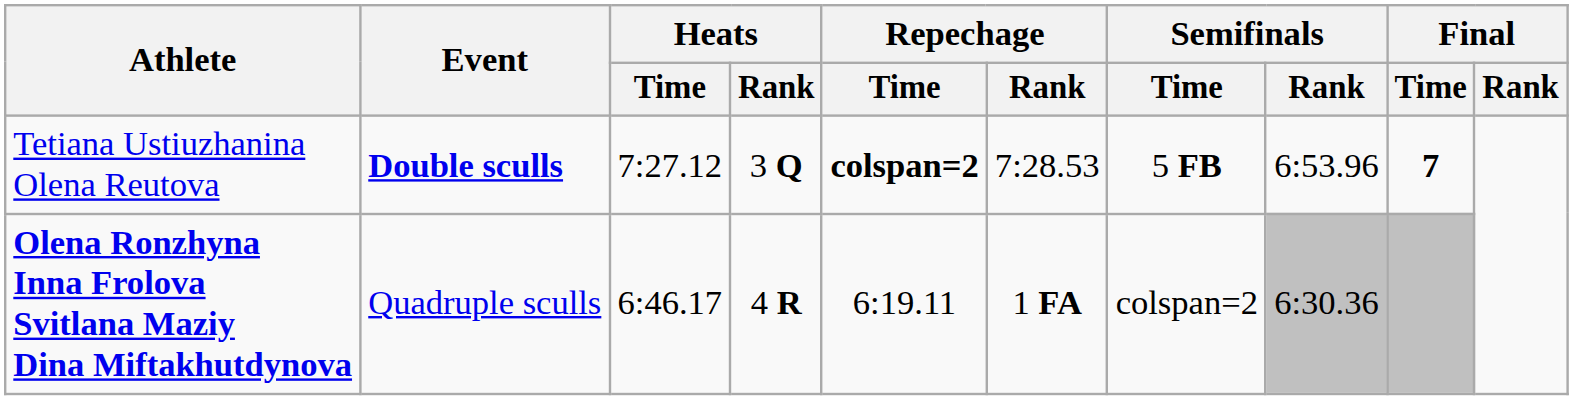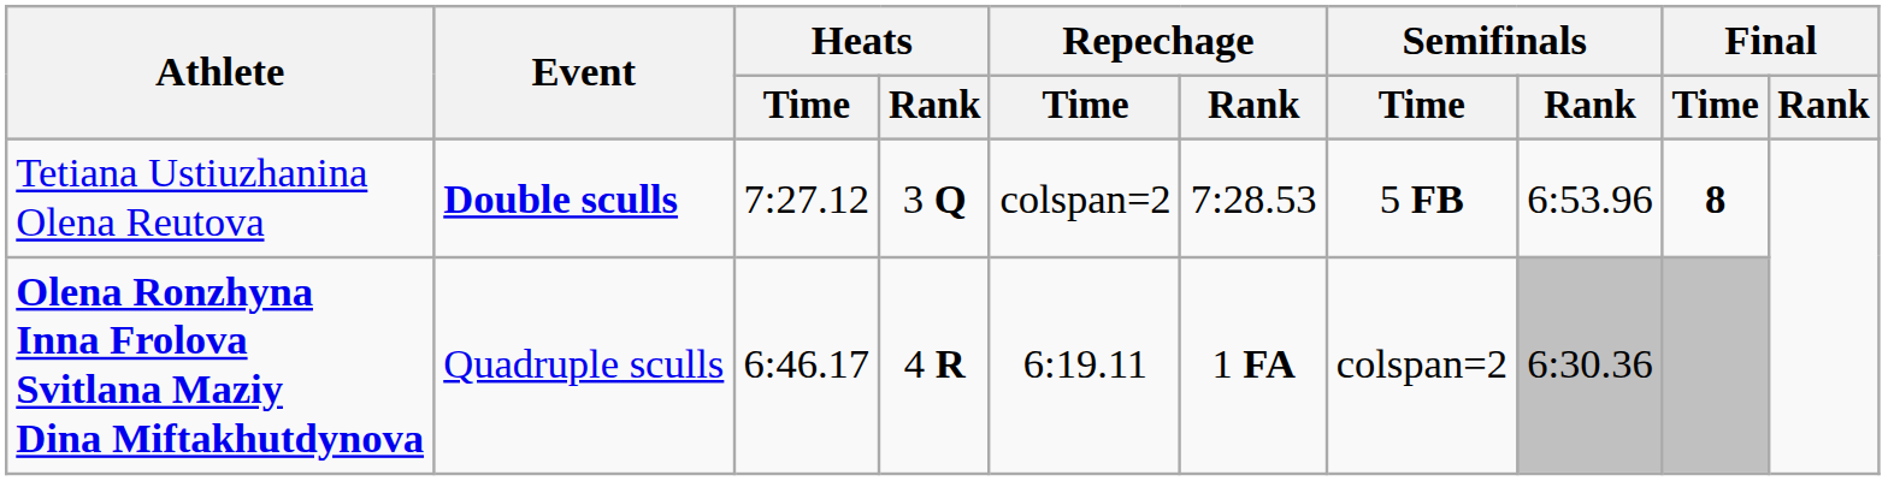 <table class="wikitable" style="font-size:90%">
 <tr>
 <th rowspan="2">Athlete</th>
 <th rowspan="2">Event</th>
 <th colspan="2">Heats</th>
 <th colspan="2">Repechage</th>
 <th colspan="2">Semifinals</th>
 <th colspan="2">Final</th>
 </tr>
 <tr style="font-size:95%">
 <th>Time</th>
 <th>Rank</th>
 <th>Time</th>
 <th>Rank</th>
 <th>Time</th>
 <th>Rank</th>
 <th>Time</th>
 <th>Rank</th>
 </tr>
 <tr align=center>
 <td align=left><a href='#'>Tetiana Ustiuzhanina</a><br><a href='#'>Olena Reutova</a></td>
 <td align=left><strong><a href='#'>Double sculls</a></strong></td>
 <td>7:27.12</td>
 <td>3 <strong>Q</strong></td>
-<td><strong>colspan=2 </strong></td>
+<td>colspan=2 </td>
 <td>7:28.53</td>
 <td>5 <strong>FB</strong></td>
 <td>6:53.96</td>
-<td><strong>7</strong></td>
+<td><strong>8</strong></td>
 </tr>
 <tr align=center>
 <td align=left><strong><a href='#'>Olena Ronzhyna</a><br><a href='#'>Inna Frolova</a><br><a href='#'>Svitlana Maziy</a><br><a href='#'>Dina Miftakhutdynova</a></strong></td>
 <td align=left><a href='#'>Quadruple sculls</a></td>
 <td>6:46.17</td>
 <td>4 <strong>R</strong></td>
 <td>6:19.11</td>
 <td>1 <strong>FA</strong></td>
 <td>colspan=2 </td>
 <td align="center" bgcolor='silver'>6:30.36</td>
 <td align="center" bgcolor='silver'></td>
 </tr>
 </table>
